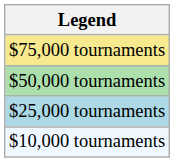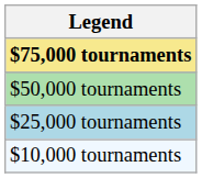 <table class=wikitable style="font-size:85%">
 <tr>
 <th>Legend</th>
 </tr>
 <tr style="background:#f7e98e;">
-<td>$75,000 tournaments</td>
+<td><strong>$75,000 tournaments</strong></td>
 </tr>
 <tr style="background:#addfad;">
 <td>$50,000 tournaments</td>
 </tr>
 <tr style="background:lightblue;">
 <td>$25,000 tournaments</td>
 </tr>
 <tr style="background:#f0f8ff;">
 <td>$10,000 tournaments</td>
 </tr>
 </table>
